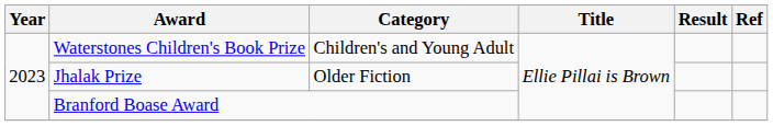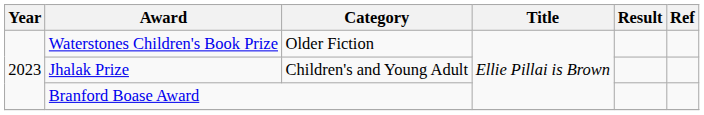 <table class="wikitable sortable">
 <tr>
 <th>Year</th>
 <th>Award</th>
 <th>Category</th>
 <th>Title</th>
 <th>Result</th>
 <th>Ref</th>
 </tr>
 <tr>
 <td rowspan="3">2023</td>
 <td><a href='#'>Waterstones Children's Book Prize</a></td>
-<td>Children's and Young Adult</td>
+<td>Older Fiction</td>
 <td rowspan="3"><em>Ellie Pillai is Brown</em></td>
 <td></td>
 <td></td>
 </tr>
 <tr>
 <td><a href='#'>Jhalak Prize</a></td>
-<td>Older Fiction</td>
+<td>Children's and Young Adult</td>
 <td></td>
 <td></td>
 </tr>
 <tr>
 <td colspan="2"><a href='#'>Branford Boase Award</a></td>
 <td></td>
 <td></td>
 </tr>
 <tr>
 </tr>
 </table>
